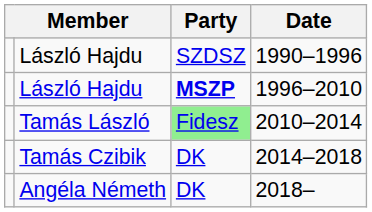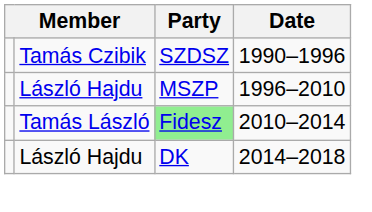 <table class=wikitable>
 <tr>
 <th colspan=2>Member</th>
 <th>Party</th>
 <th>Date</th>
 </tr>
 <tr>
 <td style="background-color:"></td>
-<td>László Hajdu</td>
+<td><a href='#'>Tamás Czibik</a></td>
 <td><a href='#'>SZDSZ</a></td>
 <td>1990–1996</td>
 </tr>
 <tr>
 <td style="background-color:"></td>
 <td><a href='#'>László Hajdu</a></td>
-<td><strong><a href='#'>MSZP</a></strong></td>
+<td><a href='#'>MSZP</a></td>
 <td>1996–2010</td>
 </tr>
 <tr>
 <td style="background-color:"></td>
 <td><a href='#'>Tamás László</a></td>
 <td style="background: lightgreen;"><a href='#'>Fidesz</a></td>
 <td>2010–2014</td>
 </tr>
 <tr>
 <td style="background-color:"></td>
-<td><a href='#'>Tamás Czibik</a></td>
+<td>László Hajdu</td>
 <td><a href='#'>DK</a></td>
 <td>2014–2018</td>
 </tr>
-<tr>
-<td style="background-color:"></td>
-<td><a href='#'>Angéla Németh</a></td>
-<td><a href='#'>DK</a></td>
-<td>2018–</td>
-</tr>
 </table>
